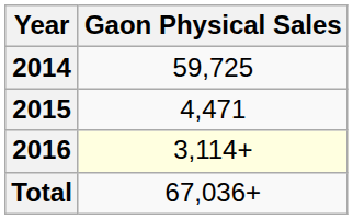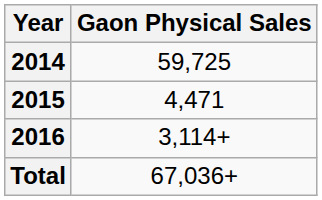 <table class="wikitable">
 <tr>
 <th scope="col">Year</th>
 <th scope="col">Gaon Physical Sales</th>
 </tr>
 <tr>
 <th scope="row">2014</th>
 <td style="text-align:center;">59,725</td>
 </tr>
 <tr>
 <th scope="row">2015</th>
 <td style="text-align:center;">4,471</td>
 </tr>
 <tr>
 <th scope="row">2016</th>
-<td style="background: lightyellow; text-align:center;">3,114+</td>
+<td style="text-align:center;">3,114+</td>
 </tr>
 <tr>
 <th scope="row">Total</th>
 <td style="text-align:center;">67,036+</td>
 </tr>
 </table>
